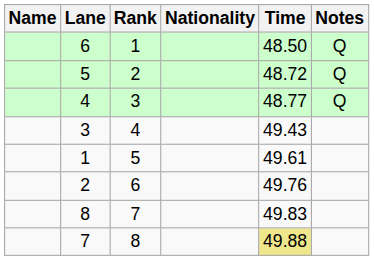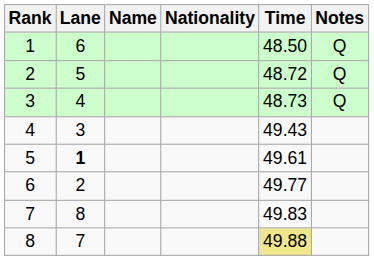 <table class="wikitable sortable" style="text-align:center">
 <tr>
+<th>Rank</th>
+<th>Lane</th>
 <th>Name</th>
-<th>Lane</th>
-<th>Rank</th>
 <th>Nationality</th>
 <th>Time</th>
 <th>Notes</th>
 </tr>
 <tr bgcolor=ccffcc>
+<td>1</td>
+<td>6</td>
 <td align="left"></td>
-<td>6</td>
-<td>1</td>
 <td align="left"></td>
 <td>48.50</td>
 <td>Q</td>
 </tr>
 <tr bgcolor=ccffcc>
+<td>2</td>
+<td>5</td>
 <td align="left"></td>
-<td>5</td>
-<td>2</td>
 <td align="left"></td>
 <td>48.72</td>
 <td>Q</td>
 </tr>
 <tr bgcolor=ccffcc>
+<td>3</td>
+<td>4</td>
 <td align="left"></td>
+<td align="left"></td>
+<td>48.73</td>
+<td>Q</td>
+</tr>
+<tr>
 <td>4</td>
 <td>3</td>
 <td align="left"></td>
-<td>48.77</td>
-<td>Q</td>
-</tr>
-<tr>
-<td align="left"></td>
-<td>3</td>
-<td>4</td>
 <td align="left"></td>
 <td>49.43</td>
 <td></td>
 </tr>
 <tr>
+<td>5</td>
+<td><strong>1</strong></td>
 <td align="left"></td>
-<td>1</td>
-<td>5</td>
 <td align="left"></td>
 <td>49.61</td>
 <td></td>
 </tr>
 <tr>
+<td>6</td>
+<td>2</td>
 <td align="left"></td>
-<td>2</td>
-<td>6</td>
 <td align="left"></td>
-<td>49.76</td>
+<td>49.77</td>
 <td></td>
 </tr>
 <tr>
+<td>7</td>
+<td>8</td>
 <td align="left"></td>
-<td>8</td>
-<td>7</td>
 <td align="left"></td>
 <td>49.83</td>
 <td></td>
 </tr>
 <tr>
+<td>8</td>
+<td>7</td>
 <td align="left"></td>
-<td>7</td>
-<td>8</td>
 <td align="left"></td>
 <td style="background: khaki;">49.88</td>
 <td></td>
 </tr>
 </table>
